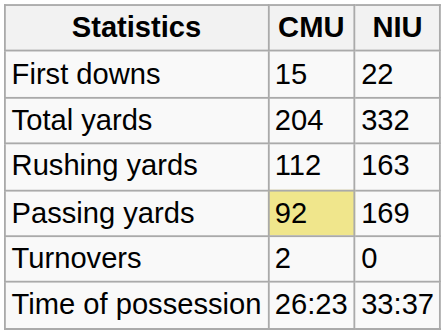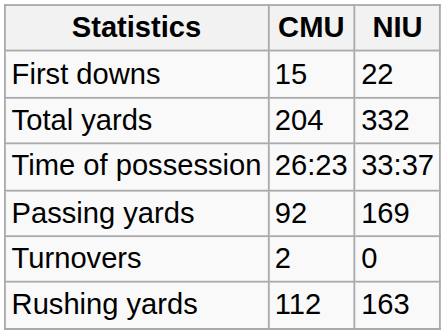 <table class="wikitable" style="float: left;">
 <tr>
 <th>Statistics</th>
 <th>CMU</th>
 <th>NIU</th>
 </tr>
 <tr>
 <td>First downs</td>
 <td>15</td>
 <td>22</td>
 </tr>
 <tr>
 <td>Total yards</td>
 <td>204</td>
 <td>332</td>
 </tr>
 <tr>
-<td>Rushing yards</td>
-<td>112</td>
-<td>163</td>
+<td>Time of possession</td>
+<td>26:23</td>
+<td>33:37</td>
 </tr>
 <tr>
 <td>Passing yards</td>
-<td style="background: khaki;">92</td>
+<td>92</td>
 <td>169</td>
 </tr>
 <tr>
 <td>Turnovers</td>
 <td>2</td>
 <td>0</td>
 </tr>
 <tr>
-<td>Time of possession</td>
-<td>26:23</td>
-<td>33:37</td>
+<td>Rushing yards</td>
+<td>112</td>
+<td>163</td>
 </tr>
 <tr>
 </tr>
 </table>
